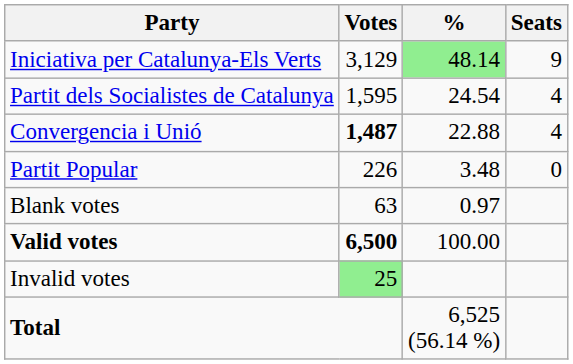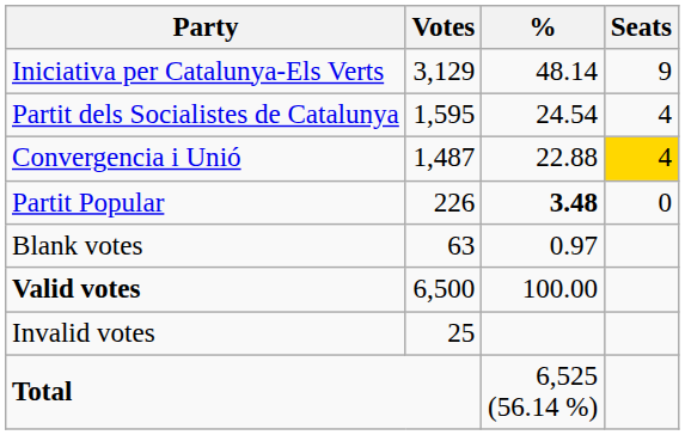 <table class="wikitable" border="1">
 <tr style="background-color:#E9E9E9">
 <th>Party</th>
 <th>Votes</th>
 <th>%</th>
 <th>Seats</th>
 </tr>
 <tr>
 <td><a href='#'>Iniciativa per Catalunya-Els Verts</a></td>
 <td align="right">3,129</td>
-<td align="right" style="background: lightgreen;">48.14</td>
+<td align="right">48.14</td>
 <td align="right">9</td>
 </tr>
 <tr>
 <td><a href='#'>Partit dels Socialistes de Catalunya</a></td>
 <td align="right">1,595</td>
 <td align="right">24.54</td>
 <td align="right">4</td>
 </tr>
 <tr>
 <td><a href='#'>Convergencia i Unió</a></td>
-<td align="right"><strong>1,487</strong></td>
+<td align="right">1,487</td>
 <td align="right">22.88</td>
-<td align="right">4</td>
+<td align="right" style="background: gold;">4</td>
 </tr>
 <tr>
 <td><a href='#'>Partit Popular</a></td>
 <td align="right">226</td>
-<td align="right">3.48</td>
+<td align="right"><strong>3.48</strong></td>
 <td align="right">0</td>
 </tr>
 <tr>
 <td>Blank votes</td>
 <td align="right">63</td>
 <td align="right">0.97</td>
 <td> </td>
 </tr>
 <tr>
 <td><strong>Valid votes</strong></td>
-<td align="right"><strong>6,500</strong></td>
+<td align="right">6,500</td>
 <td align="right">100.00</td>
 <td> </td>
 </tr>
 <tr>
 <td>Invalid votes</td>
-<td align="right" style="background: lightgreen;">25</td>
+<td align="right">25</td>
 <td> </td>
 <td> </td>
 </tr>
 <tr>
 <td colspan="2"><strong>Total</strong></td>
 <td align="right">6,525<br>(56.14 %)</td>
 <td></td>
 </tr>
 </table>
